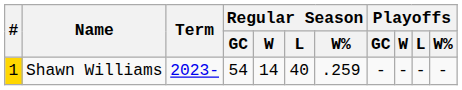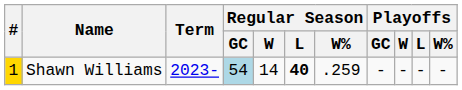 <table class="wikitable">
 <tr>
 <th rowspan="2">#</th>
 <th rowspan="2">Name</th>
 <th rowspan="2">Term</th>
 <th colspan="4">Regular Season</th>
 <th colspan="4">Playoffs</th>
 </tr>
 <tr align=center>
 <th>GC</th>
 <th>W</th>
 <th>L</th>
 <th>W%</th>
 <th>GC</th>
 <th>W</th>
 <th>L</th>
 <th>W%</th>
 </tr>
 <tr align=center>
 <td style="background: gold;">1</td>
 <td>Shawn Williams</td>
 <td><a href='#'>2023-</a></td>
-<td>54</td>
+<td style="background: lightblue;">54</td>
 <td>14</td>
-<td>40</td>
+<td><strong>40</strong></td>
 <td>.259</td>
 <td>-</td>
 <td>-</td>
 <td>-</td>
 <td>-</td>
 </tr>
 </table>
